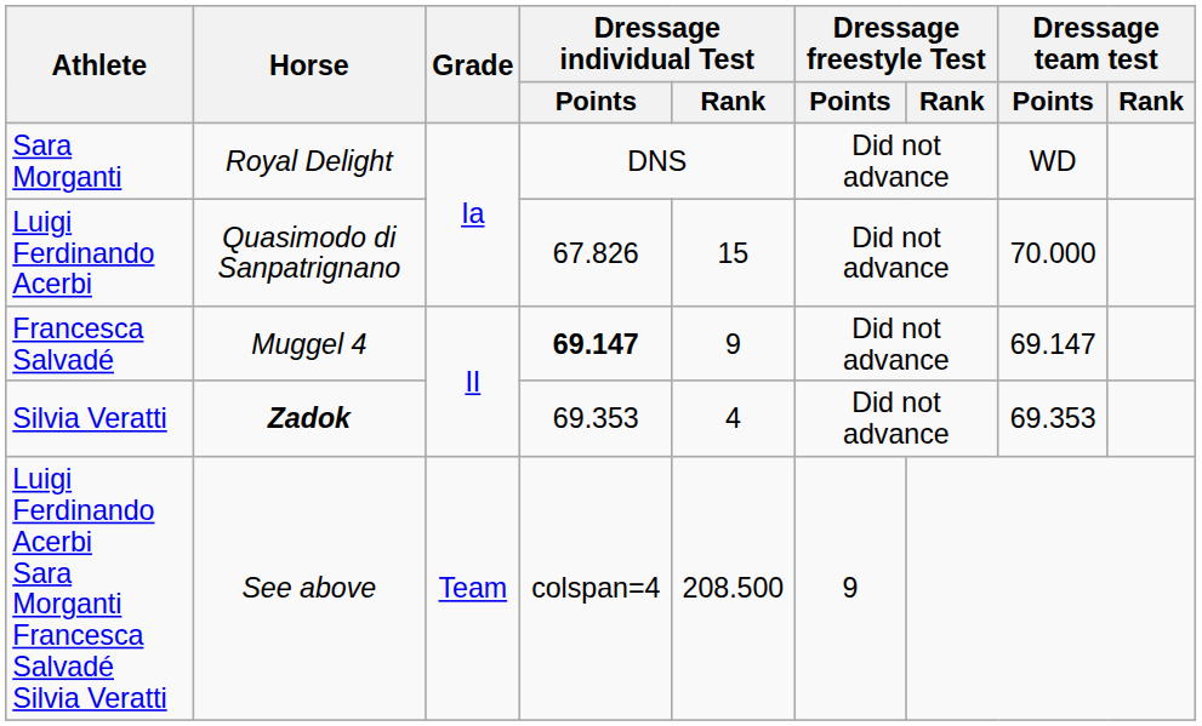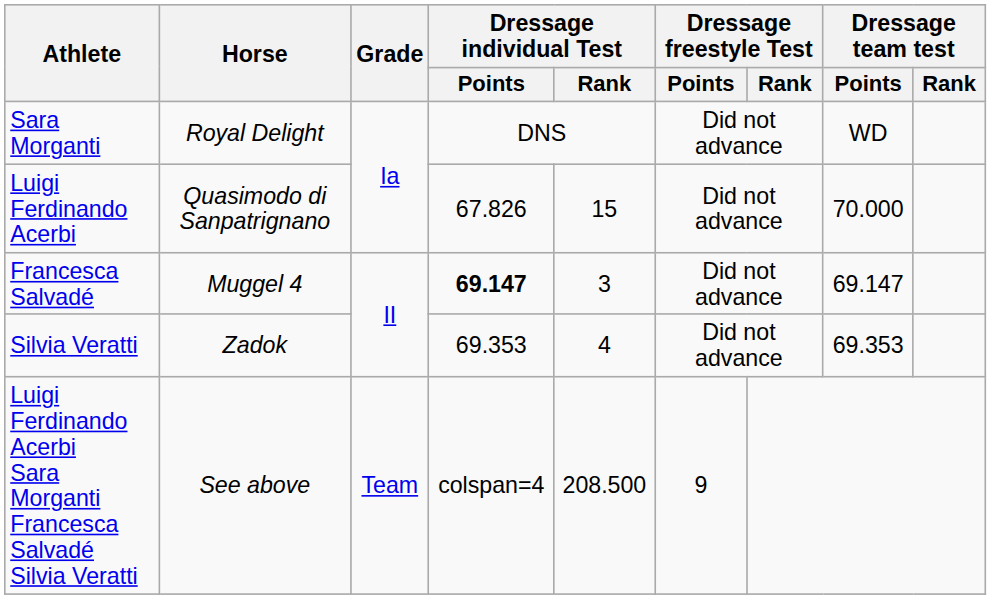 <table class=wikitable style=font-size:90%;text-align:center>
 <tr>
 <th rowspan=2>Athlete</th>
 <th rowspan=2>Horse</th>
 <th rowspan=2>Grade</th>
 <th colspan=2>Dressage individual Test</th>
 <th colspan=2>Dressage freestyle Test</th>
 <th colspan=2>Dressage team test</th>
 </tr>
 <tr style="font-size:95%">
 <th>Points</th>
 <th>Rank</th>
 <th>Points</th>
 <th>Rank</th>
 <th>Points</th>
 <th>Rank</th>
 </tr>
 <tr align=center>
 <td align=left><a href='#'>Sara Morganti</a></td>
 <td><em>Royal Delight</em></td>
 <td rowspan=2><a href='#'>Ia</a></td>
 <td colspan=2>DNS</td>
 <td colspan=2>Did not advance</td>
 <td>WD</td>
 <td></td>
 </tr>
 <tr align=center>
 <td align=left><a href='#'>Luigi Ferdinando Acerbi</a></td>
 <td><em>Quasimodo di Sanpatrignano</em></td>
 <td>67.826</td>
 <td>15</td>
 <td colspan=2>Did not advance</td>
 <td>70.000</td>
 <td></td>
 </tr>
 <tr align=center>
 <td align=left><a href='#'>Francesca Salvadé</a></td>
 <td><em>Muggel 4</em></td>
 <td rowspan=2><a href='#'>II</a></td>
 <td><strong>69.147</strong></td>
-<td>9</td>
+<td>3</td>
 <td colspan=2>Did not advance</td>
 <td>69.147</td>
 <td></td>
 </tr>
 <tr align=center>
 <td align=left><a href='#'>Silvia Veratti</a></td>
-<td><strong><em>Zadok</em></strong></td>
+<td><em>Zadok</em></td>
 <td>69.353</td>
 <td>4</td>
 <td colspan=2>Did not advance</td>
 <td>69.353</td>
 <td></td>
 </tr>
 <tr align=center>
 <td align=left><a href='#'>Luigi Ferdinando Acerbi</a><br><a href='#'>Sara Morganti</a><br><a href='#'>Francesca Salvadé</a><br><a href='#'>Silvia Veratti</a></td>
 <td><em>See above</em></td>
 <td><a href='#'>Team</a></td>
 <td>colspan=4 </td>
 <td>208.500</td>
 <td>9</td>
 </tr>
 </table>
